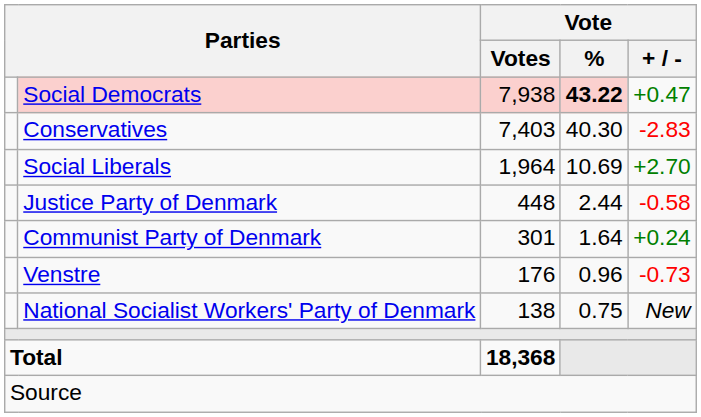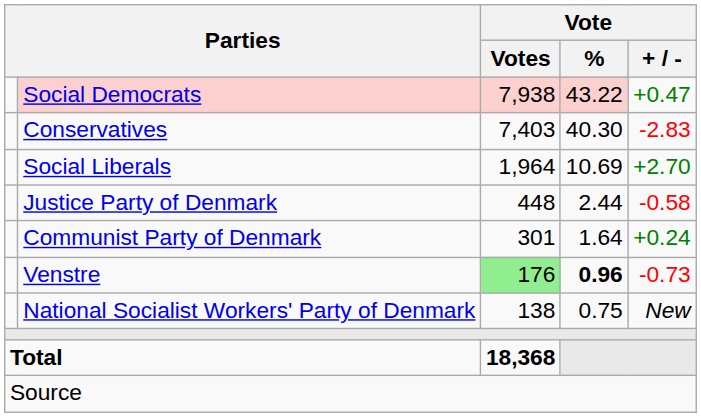 <table class="wikitable" style="text-align:right;">
 <tr>
 <th style="text-align:centre;" rowspan="2" colspan="2" width="225">Parties</th>
 <th colspan="3">Vote</th>
 </tr>
 <tr>
 <th width="15">Votes</th>
 <th width="15">%</th>
 <th width="15">+ / -</th>
 </tr>
 <tr>
 <td width="2" style="color:inherit;background:"></td>
 <td bgcolor=#fbd0ce  align="left"><a href='#'>Social Democrats</a></td>
 <td bgcolor=#fbd0ce>7,938</td>
-<td bgcolor=#fbd0ce><strong>43.22</strong></td>
+<td bgcolor=#fbd0ce>43.22</td>
 <td style=color:green;>+0.47</td>
 </tr>
 <tr>
 <td width="2" style="color:inherit;background:"></td>
 <td align="left"><a href='#'>Conservatives</a></td>
 <td>7,403</td>
 <td>40.30</td>
 <td style=color:red;>-2.83</td>
 </tr>
 <tr>
 <td width="2" style="color:inherit;background:"></td>
 <td align="left"><a href='#'>Social Liberals</a></td>
 <td>1,964</td>
 <td>10.69</td>
 <td style=color:green;>+2.70</td>
 </tr>
 <tr>
 <td width="2" style="color:inherit;background:"></td>
 <td align="left"><a href='#'>Justice Party of Denmark</a></td>
 <td>448</td>
 <td>2.44</td>
 <td style=color:red;>-0.58</td>
 </tr>
 <tr>
 <td width="2" style="color:inherit;background:"></td>
 <td align="left"><a href='#'>Communist Party of Denmark</a></td>
 <td>301</td>
 <td>1.64</td>
 <td style=color:green;>+0.24</td>
 </tr>
 <tr>
 <td width="2" style="color:inherit;background:"></td>
 <td align="left"><a href='#'>Venstre</a></td>
-<td>176</td>
-<td>0.96</td>
+<td style="background: lightgreen;">176</td>
+<td><strong>0.96</strong></td>
 <td style=color:red;>-0.73</td>
 </tr>
 <tr>
 <td width="2" style="color:inherit;background:"></td>
 <td align="left"><a href='#'>National Socialist Workers' Party of Denmark</a></td>
 <td>138</td>
 <td>0.75</td>
 <td><em>New</em></td>
 </tr>
 <tr>
 <td colspan="7" bgcolor="#E9E9E9"></td>
 </tr>
 <tr>
 <td align="left" colspan="2"><strong>Total</strong></td>
 <td><strong>18,368</strong></td>
 <td bgcolor="#E9E9E9" colspan="2"></td>
 </tr>
 <tr>
 <td align="left" colspan="6">Source</td>
 </tr>
 </table>
